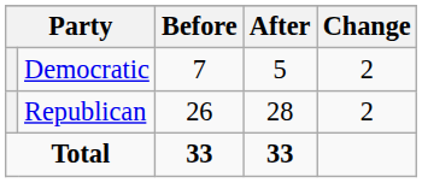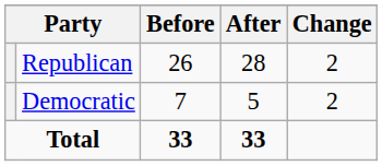 <table class="wikitable" style="text-align:center;">
 <tr>
 </tr>
 <tr>
 <th colspan=2>Party</th>
 <th>Before</th>
 <th>After</th>
 <th>Change</th>
 </tr>
 <tr>
 <th style="background-color:"></th>
-<td style="text-align:left;"><a href='#'>Democratic</a></td>
-<td>7</td>
-<td>5</td>
+<td style="text-align:left;"><a href='#'>Republican</a></td>
+<td>26</td>
+<td>28</td>
 <td> 2</td>
 </tr>
 <tr>
 <th style="background-color:"></th>
-<td style="text-align:left;"><a href='#'>Republican</a></td>
-<td>26</td>
-<td>28</td>
+<td style="text-align:left;"><a href='#'>Democratic</a></td>
+<td>7</td>
+<td>5</td>
 <td> 2</td>
 </tr>
 <tr>
 <td colspan=2><strong>Total</strong></td>
 <td><strong>33</strong></td>
 <td><strong>33</strong></td>
 <td></td>
 </tr>
 </table>
